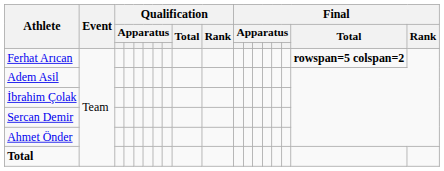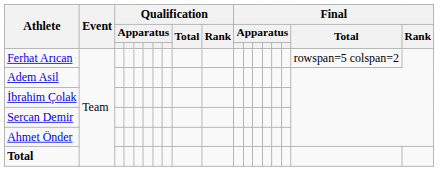 <table class="wikitable" style="font-size:90%">
 <tr>
 <th rowspan=3>Athlete</th>
 <th rowspan=3>Event</th>
 <th colspan =8>Qualification</th>
 <th colspan =8>Final</th>
 </tr>
 <tr style="font-size:95%">
 <th colspan=6>Apparatus</th>
 <th rowspan=2>Total</th>
 <th rowspan=2>Rank</th>
 <th colspan=6>Apparatus</th>
 <th rowspan=2>Total</th>
 <th rowspan=2>Rank</th>
 </tr>
 <tr style="font-size:95%">
 <th></th>
 <th></th>
 <th></th>
 <th></th>
 <th></th>
 <th></th>
 <th></th>
 <th></th>
 <th></th>
 <th></th>
 <th></th>
 <th></th>
 </tr>
 <tr align=center>
 <td align=left><a href='#'>Ferhat Arıcan</a></td>
 <td align=left rowspan=6>Team</td>
 <td></td>
 <td></td>
 <td></td>
 <td></td>
 <td></td>
 <td></td>
 <td></td>
 <td></td>
 <td></td>
 <td></td>
 <td></td>
 <td></td>
 <td></td>
 <td></td>
-<td><strong>rowspan=5 colspan=2</strong></td>
+<td>rowspan=5 colspan=2</td>
 </tr>
 <tr align=center>
 <td align=left><a href='#'>Adem Asil</a></td>
 <td></td>
 <td></td>
 <td></td>
 <td></td>
 <td></td>
 <td></td>
 <td></td>
 <td></td>
 <td></td>
 <td></td>
 <td></td>
 <td></td>
 <td></td>
 <td></td>
 </tr>
 <tr align=center>
 <td align=left><a href='#'>İbrahim Çolak</a></td>
 <td></td>
 <td></td>
 <td></td>
 <td></td>
 <td></td>
 <td></td>
 <td></td>
 <td></td>
 <td></td>
 <td></td>
 <td></td>
 <td></td>
 <td></td>
 <td></td>
 </tr>
 <tr align=center>
 <td align=left><a href='#'>Sercan Demir</a></td>
 <td></td>
 <td></td>
 <td></td>
 <td></td>
 <td></td>
 <td></td>
 <td></td>
 <td></td>
 <td></td>
 <td></td>
 <td></td>
 <td></td>
 <td></td>
 <td></td>
 </tr>
 <tr align=center>
 <td align=left><a href='#'>Ahmet Önder</a></td>
 <td></td>
 <td></td>
 <td></td>
 <td></td>
 <td></td>
 <td></td>
 <td></td>
 <td></td>
 <td></td>
 <td></td>
 <td></td>
 <td></td>
 <td></td>
 <td></td>
 </tr>
 <tr align=center>
 <td align=left><strong>Total</strong></td>
 <td></td>
 <td></td>
 <td></td>
 <td></td>
 <td></td>
 <td></td>
 <td></td>
 <td></td>
 <td></td>
 <td></td>
 <td></td>
 <td></td>
 <td></td>
 <td></td>
 <td></td>
 <td></td>
 </tr>
 </table>
